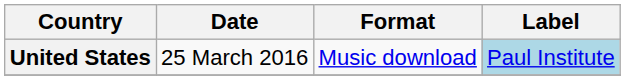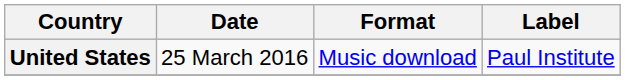 <table class="wikitable plainrowheaders">
 <tr>
 <th scope="col">Country</th>
 <th scope="col">Date</th>
 <th scope="col">Format</th>
 <th scope="col">Label</th>
 </tr>
 <tr>
 <th scope="row">United States</th>
 <td>25 March 2016</td>
 <td><a href='#'>Music download</a></td>
-<td rowspan="1" style="background: lightblue;"><a href='#'>Paul Institute</a></td>
+<td rowspan="1"><a href='#'>Paul Institute</a></td>
 </tr>
 <tr>
 </tr>
 </table>
